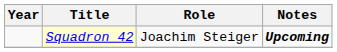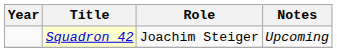 <table class="wikitable unsortable">
 <tr>
 <th>Year</th>
 <th>Title</th>
 <th>Role</th>
 <th>Notes</th>
 </tr>
 <tr>
 <td></td>
 <td style="background:#FFFFCC;"> <em><a href='#'>Squadron 42</a></em></td>
 <td>Joachim Steiger</td>
-<td><strong><em>Upcoming</em></strong></td>
+<td><em>Upcoming</em></td>
 </tr>
 <tr>
 </tr>
 </table>
